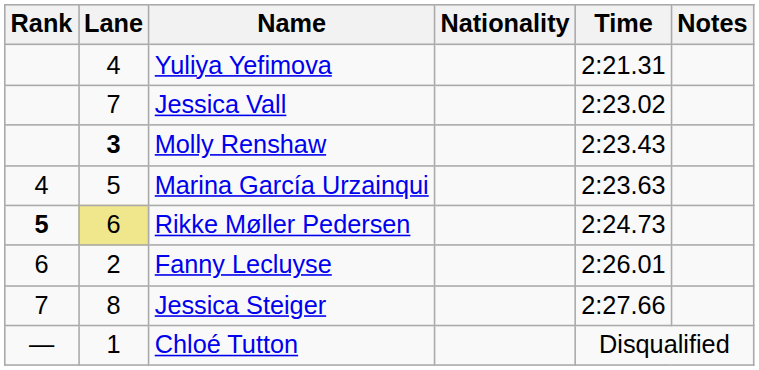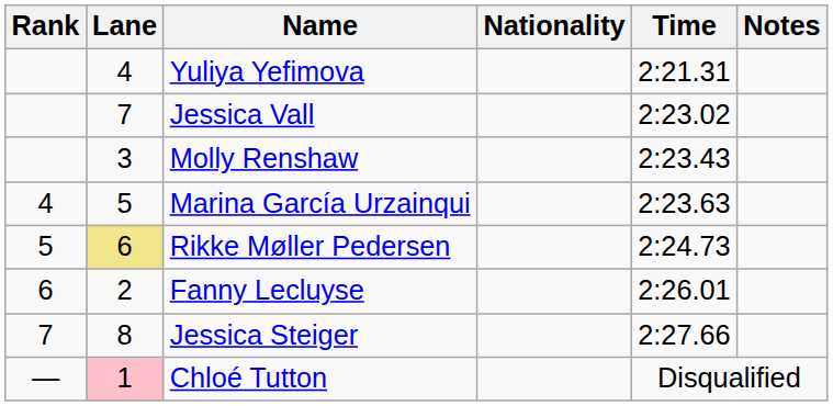 <table class="wikitable sortable" style="text-align:center">
 <tr>
 <th>Rank</th>
 <th>Lane</th>
 <th>Name</th>
 <th>Nationality</th>
 <th>Time</th>
 <th>Notes</th>
 </tr>
 <tr>
 <td></td>
 <td>4</td>
 <td align=left><a href='#'>Yuliya Yefimova</a></td>
 <td align=left></td>
 <td>2:21.31</td>
 <td></td>
 </tr>
 <tr>
 <td></td>
 <td>7</td>
 <td align=left><a href='#'>Jessica Vall</a></td>
 <td align=left></td>
 <td>2:23.02</td>
 <td></td>
 </tr>
 <tr>
 <td></td>
-<td><strong>3</strong></td>
+<td>3</td>
 <td align=left><a href='#'>Molly Renshaw</a></td>
 <td align=left></td>
 <td>2:23.43</td>
 <td></td>
 </tr>
 <tr>
 <td>4</td>
 <td>5</td>
 <td align=left><a href='#'>Marina García Urzainqui</a></td>
 <td align=left></td>
 <td>2:23.63</td>
 <td></td>
 </tr>
 <tr>
-<td><strong>5</strong></td>
+<td>5</td>
 <td style="background: khaki;">6</td>
 <td align=left><a href='#'>Rikke Møller Pedersen</a></td>
 <td align=left></td>
 <td>2:24.73</td>
 <td></td>
 </tr>
 <tr>
 <td>6</td>
 <td>2</td>
 <td align=left><a href='#'>Fanny Lecluyse</a></td>
 <td align=left></td>
 <td>2:26.01</td>
 <td></td>
 </tr>
 <tr>
 <td>7</td>
 <td>8</td>
 <td align=left><a href='#'>Jessica Steiger</a></td>
 <td align=left></td>
 <td>2:27.66</td>
 <td></td>
 </tr>
 <tr>
 <td>—</td>
-<td>1</td>
+<td style="background: pink;">1</td>
 <td align=left><a href='#'>Chloé Tutton</a></td>
 <td align=left></td>
 <td colspan=2>Disqualified</td>
 </tr>
 </table>
